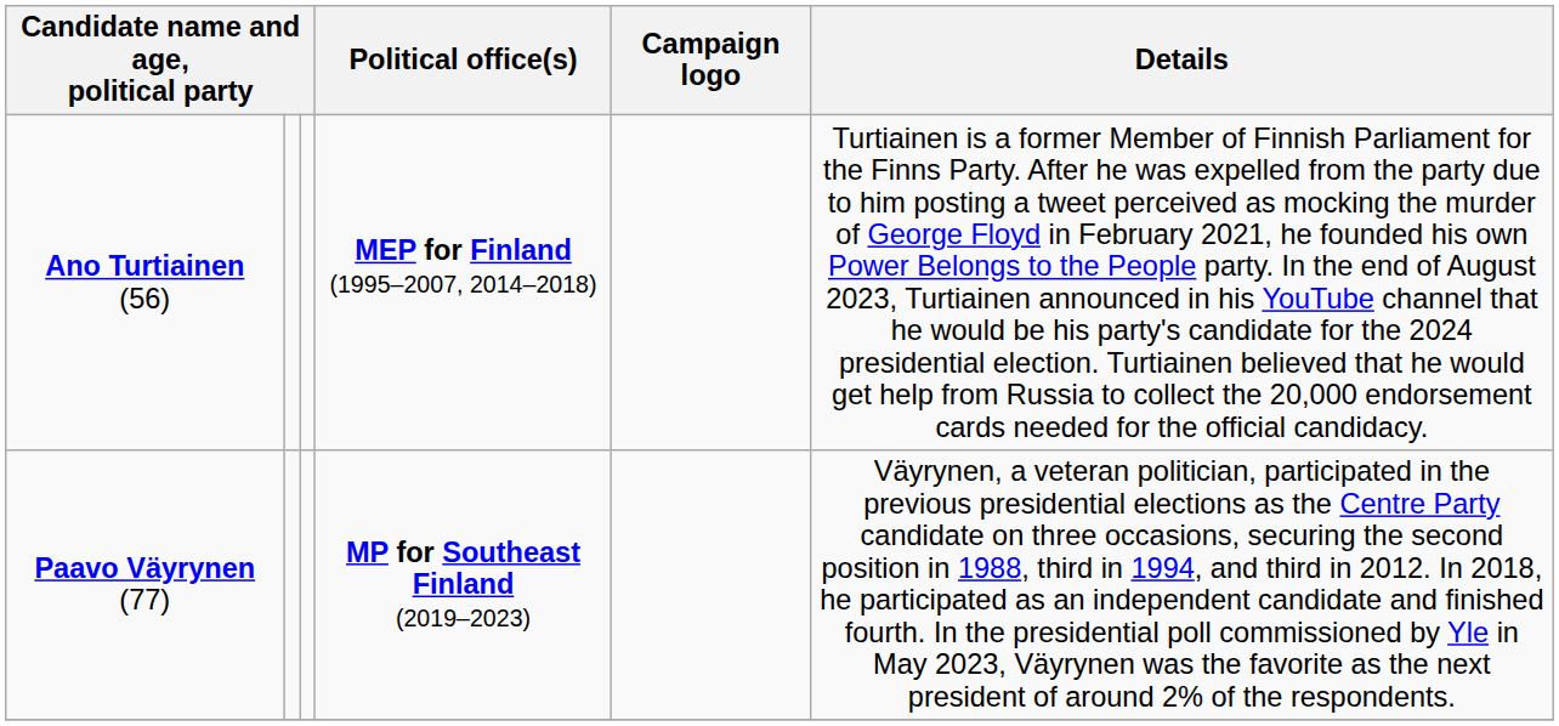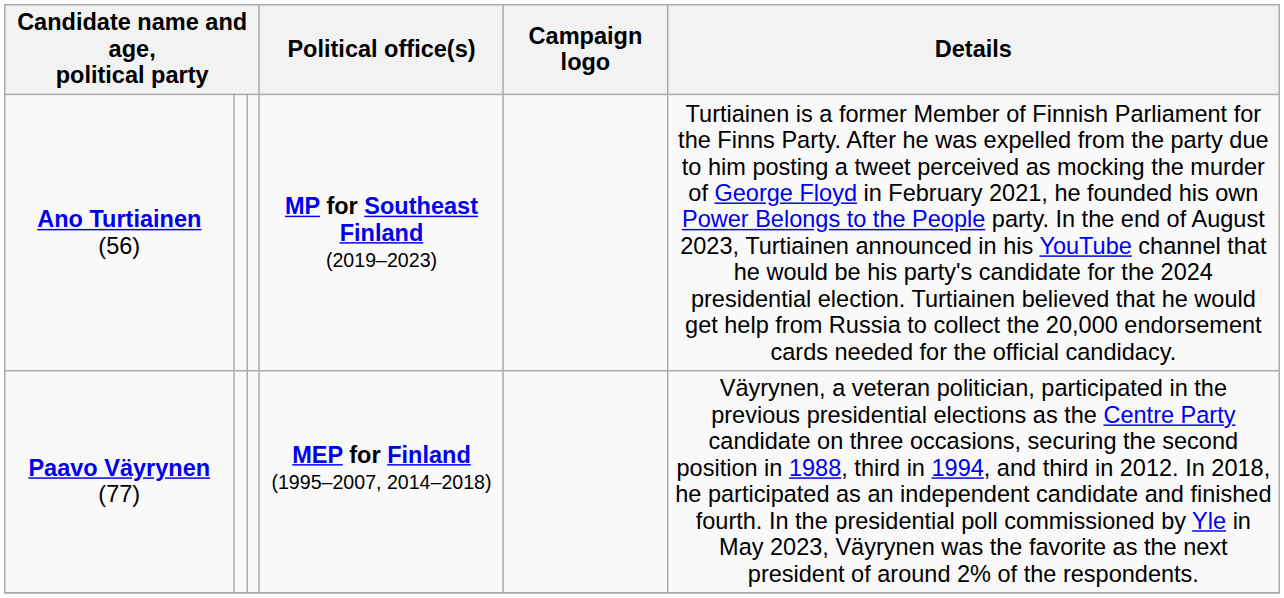 <table class="wikitable" style="text-align:center;">
 <tr>
 <th colspan="3" style="width:20%;">Candidate name and age,<br>political party</th>
 <th>Political office(s)</th>
 <th>Campaign logo</th>
 <th style="width:48%;">Details</th>
 </tr>
 <tr>
 <td><strong><a href='#'>Ano Turtiainen</a></strong><br>(56)<br></td>
 <td></td>
 <td style="background-color:"></td>
-<td><strong><a href='#'>MEP</a> for <a href='#'>Finland</a></strong><br><small>(1995–2007, 2014–2018)</small><br><br></td>
+<td><strong><a href='#'>MP</a> for <a href='#'>Southeast Finland</a></strong><br><small>(2019–2023)</small><br></td>
 <td></td>
 <td>Turtiainen is a former Member of Finnish Parliament for the Finns Party. After he was expelled from the party due to him posting a tweet perceived as mocking the murder of <a href='#'>George Floyd</a> in February 2021, he founded his own <a href='#'>Power Belongs to the People</a> party. In the end of August 2023, Turtiainen announced in his <a href='#'>YouTube</a> channel that he would be his party's candidate for the 2024 presidential election. Turtiainen believed that he would get help from Russia to collect the 20,000 endorsement cards needed for the official candidacy.</td>
 </tr>
 <tr>
 <td><strong><a href='#'>Paavo Väyrynen</a></strong><br>(77)<br></td>
 <td></td>
 <td style="background-color:"></td>
-<td><strong><a href='#'>MP</a> for <a href='#'>Southeast Finland</a></strong><br><small>(2019–2023)</small><br></td>
+<td><strong><a href='#'>MEP</a> for <a href='#'>Finland</a></strong><br><small>(1995–2007, 2014–2018)</small><br><br></td>
 <td></td>
 <td>Väyrynen, a veteran politician, participated in the previous presidential elections as the <a href='#'>Centre Party</a> candidate on three occasions, securing the second position in <a href='#'>1988</a>, third in <a href='#'>1994</a>, and third in 2012. In 2018, he participated as an independent candidate and finished fourth. In the presidential poll commissioned by <a href='#'>Yle</a> in May 2023, Väyrynen was the favorite as the next president of around 2% of the respondents.</td>
 </tr>
 <tr>
 </tr>
 </table>
